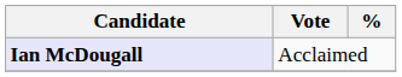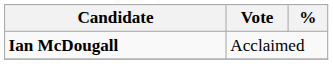 <table class="wikitable">
 <tr>
 <th bgcolor="#DDDDFF" width="200px">Candidate</th>
 <th bgcolor="#DDDDFF" width="50px">Vote</th>
 <th bgcolor="#DDDDFF" width="30px">%</th>
 </tr>
 <tr>
-<td style="background: lavender;"><strong>Ian McDougall</strong></td>
+<td><strong>Ian McDougall</strong></td>
 <td colspan="2">Acclaimed</td>
 </tr>
 <tr>
 </tr>
 </table>
